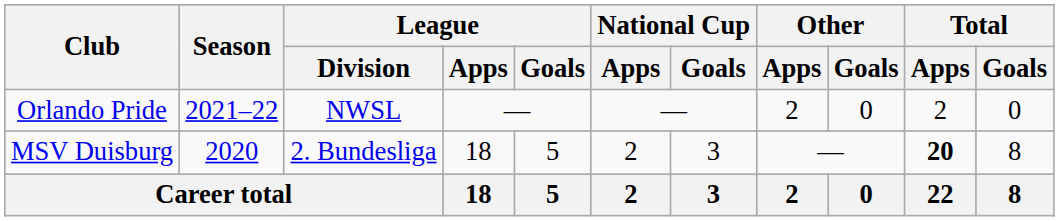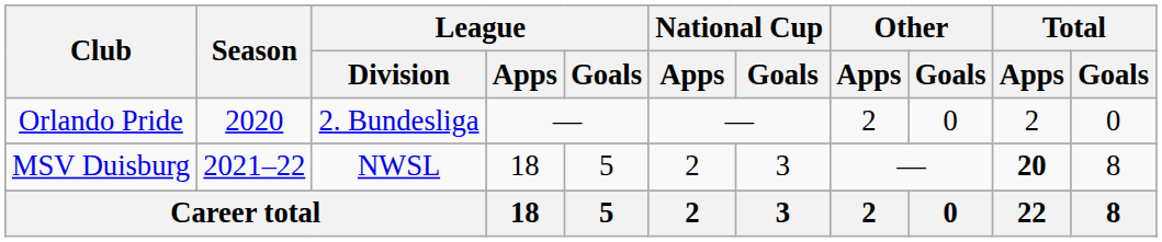 <table class="wikitable" style="text-align: center;">
 <tr>
 <th rowspan="2">Club</th>
 <th rowspan="2">Season</th>
 <th colspan="3">League</th>
 <th colspan="2">National Cup</th>
 <th colspan="2">Other</th>
 <th colspan="2">Total</th>
 </tr>
 <tr>
 <th>Division</th>
 <th>Apps</th>
 <th>Goals</th>
 <th>Apps</th>
 <th>Goals</th>
 <th>Apps</th>
 <th>Goals</th>
 <th>Apps</th>
 <th>Goals</th>
 </tr>
 <tr>
 <td><a href='#'>Orlando Pride</a></td>
-<td><a href='#'>2021–22</a></td>
-<td><a href='#'>NWSL</a></td>
+<td><a href='#'>2020</a></td>
+<td><a href='#'>2. Bundesliga</a></td>
 <td colspan="2">—</td>
 <td colspan="2">—</td>
 <td>2</td>
 <td>0</td>
 <td>2</td>
 <td>0</td>
 </tr>
 <tr>
 <td><a href='#'>MSV Duisburg</a></td>
-<td><a href='#'>2020</a></td>
-<td><a href='#'>2. Bundesliga</a></td>
+<td><a href='#'>2021–22</a></td>
+<td><a href='#'>NWSL</a></td>
 <td>18</td>
 <td>5</td>
 <td>2</td>
 <td>3</td>
 <td colspan="2">—</td>
 <td><strong>20</strong></td>
 <td>8</td>
 </tr>
 <tr>
 <th colspan="3">Career total</th>
 <th>18</th>
 <th>5</th>
 <th>2</th>
 <th>3</th>
 <th>2</th>
 <th>0</th>
 <th>22</th>
 <th>8</th>
 </tr>
 </table>
